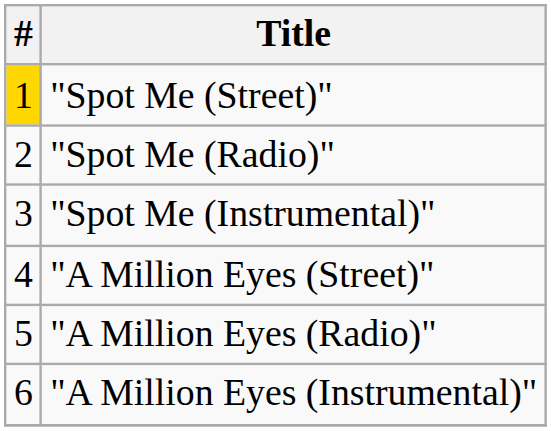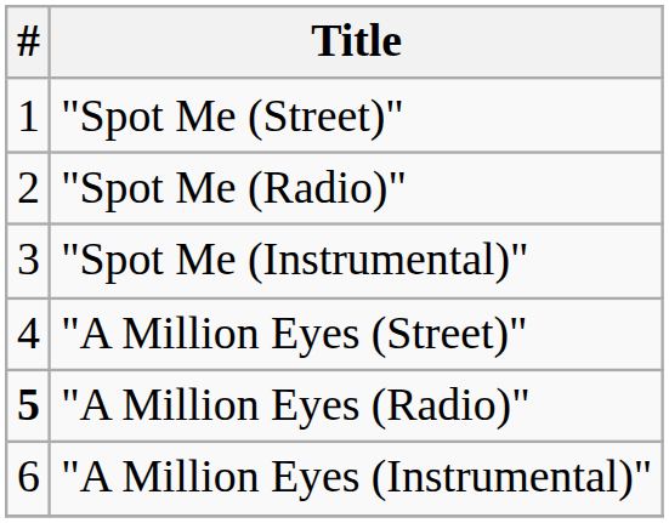 <table class="wikitable">
 <tr>
 <th>#</th>
 <th>Title</th>
 </tr>
 <tr>
-<td style="background: gold;">1</td>
+<td>1</td>
 <td>"Spot Me (Street)"</td>
 </tr>
 <tr>
 <td>2</td>
 <td>"Spot Me (Radio)"</td>
 </tr>
 <tr>
 <td>3</td>
 <td>"Spot Me (Instrumental)"</td>
 </tr>
 <tr>
 <td>4</td>
 <td>"A Million Eyes (Street)"</td>
 </tr>
 <tr>
-<td>5</td>
+<td><strong>5</strong></td>
 <td>"A Million Eyes (Radio)"</td>
 </tr>
 <tr>
 <td>6</td>
 <td>"A Million Eyes (Instrumental)"</td>
 </tr>
 <tr>
 </tr>
 </table>
